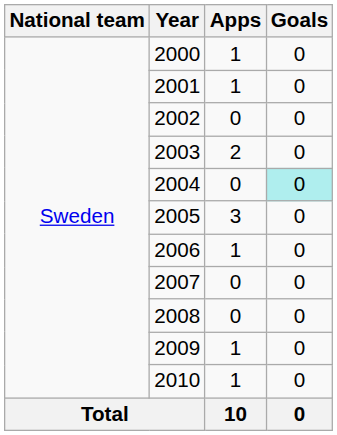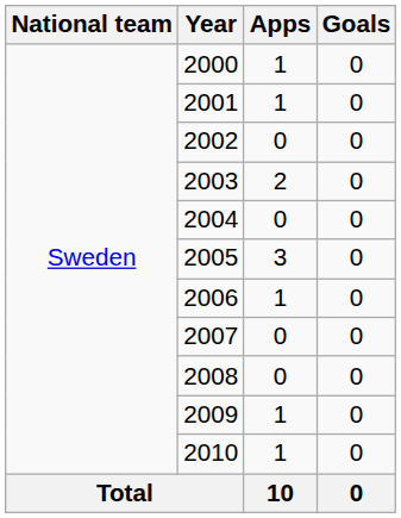 <table class="wikitable" style="text-align:center">
 <tr>
 <th>National team</th>
 <th>Year</th>
 <th>Apps</th>
 <th>Goals</th>
 </tr>
 <tr>
 <td rowspan="11"><a href='#'>Sweden</a></td>
 <td>2000</td>
 <td>1</td>
 <td>0</td>
 </tr>
 <tr>
 <td>2001</td>
 <td>1</td>
 <td>0</td>
 </tr>
 <tr>
 <td>2002</td>
 <td>0</td>
 <td>0</td>
 </tr>
 <tr>
 <td>2003</td>
 <td>2</td>
 <td>0</td>
 </tr>
 <tr>
 <td>2004</td>
 <td>0</td>
-<td style="background: paleturquoise;">0</td>
+<td>0</td>
 </tr>
 <tr>
 <td>2005</td>
 <td>3</td>
 <td>0</td>
 </tr>
 <tr>
 <td>2006</td>
 <td>1</td>
 <td>0</td>
 </tr>
 <tr>
 <td>2007</td>
 <td>0</td>
 <td>0</td>
 </tr>
 <tr>
 <td>2008</td>
 <td>0</td>
 <td>0</td>
 </tr>
 <tr>
 <td>2009</td>
 <td>1</td>
 <td>0</td>
 </tr>
 <tr>
 <td>2010</td>
 <td>1</td>
 <td>0</td>
 </tr>
 <tr>
 <th colspan="2">Total</th>
 <th>10</th>
 <th>0</th>
 </tr>
 </table>
